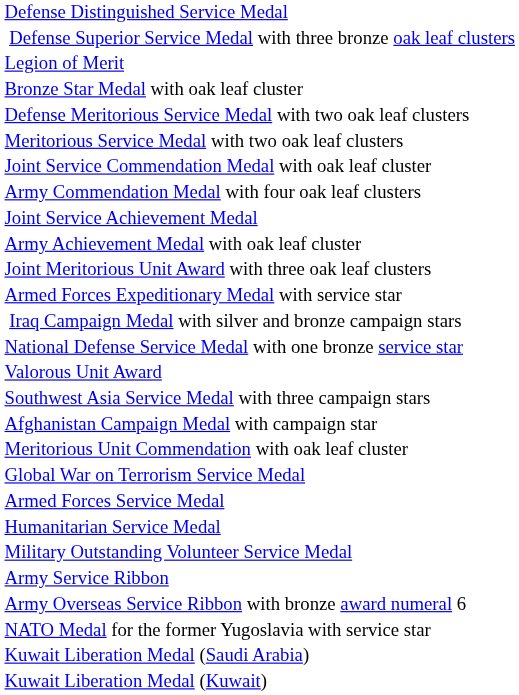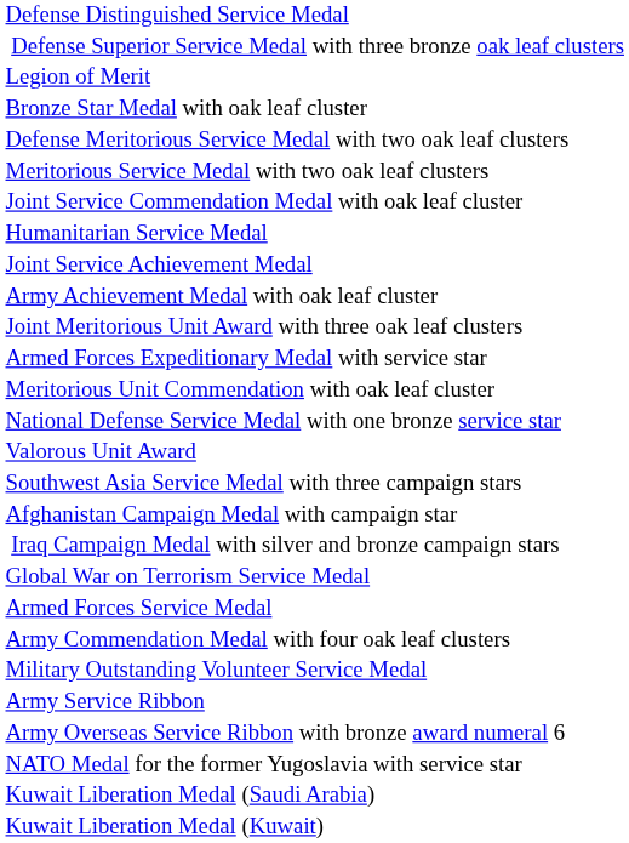 <table>
 <tr>
 <td> <a href='#'>Defense Distinguished Service Medal</a></td>
 </tr>
 <tr>
 <td> <a href='#'>Defense Superior Service Medal</a> with three bronze <a href='#'>oak leaf clusters</a></td>
 </tr>
 <tr>
 <td> <a href='#'>Legion of Merit</a></td>
 </tr>
 <tr>
 <td> <a href='#'>Bronze Star Medal</a> with oak leaf cluster</td>
 </tr>
 <tr>
 <td> <a href='#'>Defense Meritorious Service Medal</a> with two oak leaf clusters</td>
 </tr>
 <tr>
 <td> <a href='#'>Meritorious Service Medal</a> with two oak leaf clusters</td>
 </tr>
 <tr>
 <td> <a href='#'>Joint Service Commendation Medal</a> with oak leaf cluster</td>
 </tr>
 <tr>
-<td> <a href='#'>Army Commendation Medal</a> with four oak leaf clusters</td>
+<td> <a href='#'>Humanitarian Service Medal</a></td>
 </tr>
 <tr>
 <td> <a href='#'>Joint Service Achievement Medal</a></td>
 </tr>
 <tr>
 <td> <a href='#'>Army Achievement Medal</a> with oak leaf cluster</td>
 </tr>
 <tr>
 <td> <a href='#'>Joint Meritorious Unit Award</a> with three oak leaf clusters</td>
 </tr>
 <tr>
 <td> <a href='#'>Armed Forces Expeditionary Medal</a> with service star</td>
 </tr>
 <tr>
-<td> <a href='#'>Iraq Campaign Medal</a> with silver and bronze campaign stars</td>
+<td> <a href='#'>Meritorious Unit Commendation</a> with oak leaf cluster</td>
 </tr>
 <tr>
 <td> <a href='#'>National Defense Service Medal</a> with one bronze <a href='#'>service star</a></td>
 </tr>
 <tr>
 <td> <a href='#'>Valorous Unit Award</a></td>
 </tr>
 <tr>
 <td> <a href='#'>Southwest Asia Service Medal</a> with three campaign stars</td>
 </tr>
 <tr>
 <td> <a href='#'>Afghanistan Campaign Medal</a> with campaign star</td>
 </tr>
 <tr>
-<td> <a href='#'>Meritorious Unit Commendation</a> with oak leaf cluster</td>
+<td> <a href='#'>Iraq Campaign Medal</a> with silver and bronze campaign stars</td>
 </tr>
 <tr>
 <td> <a href='#'>Global War on Terrorism Service Medal</a></td>
 </tr>
 <tr>
 <td> <a href='#'>Armed Forces Service Medal</a></td>
 </tr>
 <tr>
-<td> <a href='#'>Humanitarian Service Medal</a></td>
+<td> <a href='#'>Army Commendation Medal</a> with four oak leaf clusters</td>
 </tr>
 <tr>
 <td> <a href='#'>Military Outstanding Volunteer Service Medal</a></td>
 </tr>
 <tr>
 <td> <a href='#'>Army Service Ribbon</a></td>
 </tr>
 <tr>
 <td><span></span> <a href='#'>Army Overseas Service Ribbon</a> with bronze <a href='#'>award numeral</a> 6</td>
 </tr>
 <tr>
 <td> <a href='#'>NATO Medal</a> for the former Yugoslavia with service star</td>
 </tr>
 <tr>
 <td> <a href='#'>Kuwait Liberation Medal</a> (<a href='#'>Saudi Arabia</a>)</td>
 </tr>
 <tr>
 <td> <a href='#'>Kuwait Liberation Medal</a> (<a href='#'>Kuwait</a>)</td>
 </tr>
 </table>
